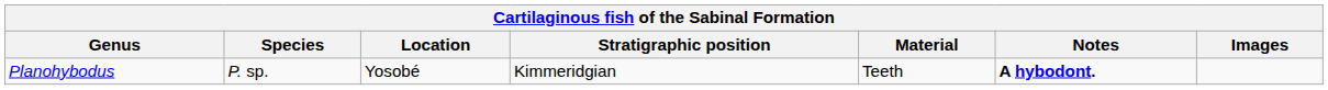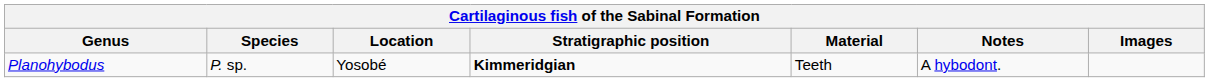 <table class="wikitable" width="100%" align="center">
 <tr>
 <th colspan="8" align="center"><strong><a href='#'>Cartilaginous fish</a> of the Sabinal Formation</strong></th>
 </tr>
 <tr>
 <th>Genus</th>
 <th>Species</th>
 <th>Location</th>
 <th>Stratigraphic position</th>
 <th>Material</th>
 <th>Notes</th>
 <th>Images</th>
 </tr>
 <tr>
 <td><em><a href='#'>Planohybodus</a></em></td>
 <td><em>P.</em> sp.</td>
 <td>Yosobé</td>
-<td>Kimmeridgian</td>
+<td><strong>Kimmeridgian</strong></td>
 <td>Teeth</td>
-<td><strong>A <a href='#'>hybodont</a>.</strong></td>
+<td>A <a href='#'>hybodont</a>.</td>
 <td></td>
 </tr>
 </table>
